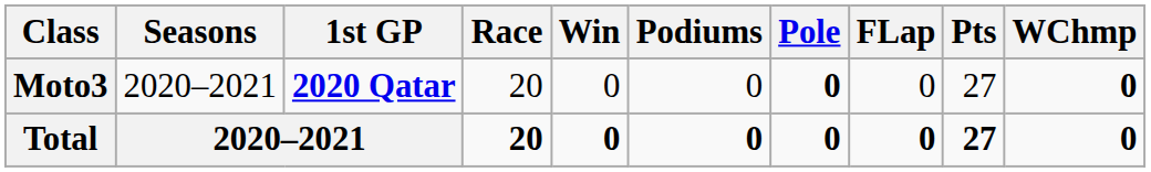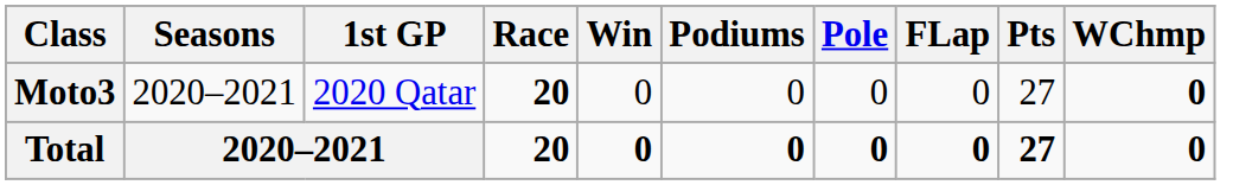 <table class="wikitable" style=text-align:right>
 <tr>
 <th>Class</th>
 <th>Seasons</th>
 <th>1st GP</th>
 <th>Race</th>
 <th>Win</th>
 <th>Podiums</th>
 <th><a href='#'>Pole</a></th>
 <th>FLap</th>
 <th>Pts</th>
 <th>WChmp</th>
 </tr>
 <tr>
 <th>Moto3</th>
 <td>2020–2021</td>
-<td align="left"><strong><a href='#'>2020 Qatar</a></strong></td>
-<td>20</td>
+<td align="left"><a href='#'>2020 Qatar</a></td>
+<td><strong>20</strong></td>
 <td>0</td>
 <td>0</td>
-<td><strong>0</strong></td>
+<td>0</td>
 <td>0</td>
 <td>27</td>
 <td><strong>0</strong></td>
 </tr>
 <tr>
 <th>Total</th>
 <th colspan=2>2020–2021</th>
 <td><strong>20</strong></td>
 <td><strong>0</strong></td>
 <td><strong>0</strong></td>
 <td><strong>0</strong></td>
 <td><strong>0</strong></td>
 <td><strong>27</strong></td>
 <td><strong>0</strong></td>
 </tr>
 </table>
